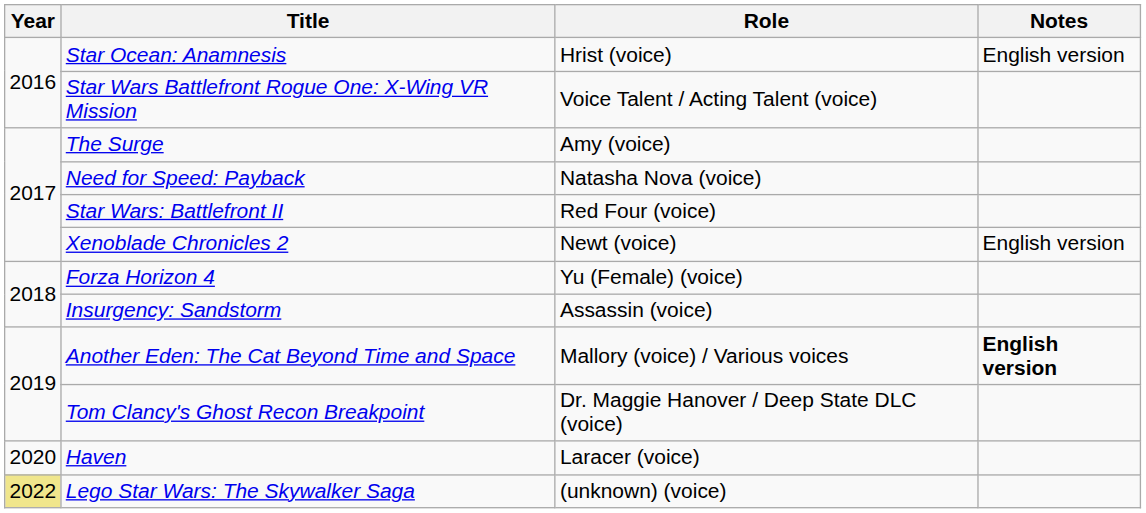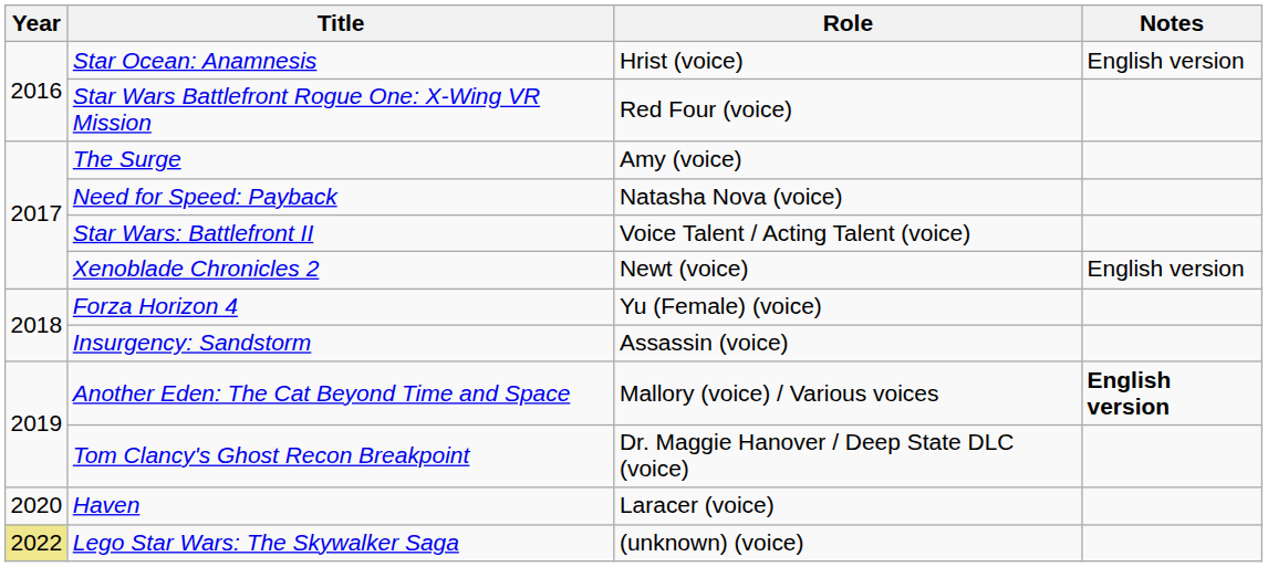 <table class="wikitable">
 <tr>
 <th>Year</th>
 <th>Title</th>
 <th>Role</th>
 <th>Notes</th>
 </tr>
 <tr>
 <td rowspan="2">2016</td>
 <td><em><a href='#'>Star Ocean: Anamnesis</a></em></td>
 <td>Hrist (voice)</td>
 <td>English version</td>
 </tr>
 <tr>
 <td><em><a href='#'>Star Wars Battlefront Rogue One: X-Wing VR Mission</a></em></td>
-<td>Voice Talent / Acting Talent (voice)</td>
+<td>Red Four (voice)</td>
 <td></td>
 </tr>
 <tr>
 <td rowspan="4">2017</td>
 <td><em><a href='#'>The Surge</a></em></td>
 <td>Amy (voice)</td>
 <td></td>
 </tr>
 <tr>
 <td><em><a href='#'>Need for Speed: Payback</a></em></td>
 <td>Natasha Nova (voice)</td>
 <td></td>
 </tr>
 <tr>
 <td><em><a href='#'>Star Wars: Battlefront II</a></em></td>
-<td>Red Four (voice)</td>
+<td>Voice Talent / Acting Talent (voice)</td>
 <td></td>
 </tr>
 <tr>
 <td><em><a href='#'>Xenoblade Chronicles 2</a></em></td>
 <td>Newt (voice)</td>
 <td>English version</td>
 </tr>
 <tr>
 <td rowspan="2">2018</td>
 <td><em><a href='#'>Forza Horizon 4</a></em></td>
 <td>Yu (Female) (voice)</td>
 <td></td>
 </tr>
 <tr>
 <td><em><a href='#'>Insurgency: Sandstorm</a></em></td>
 <td>Assassin (voice)</td>
 <td></td>
 </tr>
 <tr>
 <td rowspan="2">2019</td>
 <td><em><a href='#'>Another Eden: The Cat Beyond Time and Space</a></em></td>
 <td>Mallory (voice) / Various voices</td>
 <td><strong>English version</strong></td>
 </tr>
 <tr>
 <td><em><a href='#'>Tom Clancy's Ghost Recon Breakpoint</a></em></td>
 <td>Dr. Maggie Hanover / Deep State DLC (voice)</td>
 <td></td>
 </tr>
 <tr>
 <td>2020</td>
 <td><em><a href='#'>Haven</a></em></td>
 <td>Laracer (voice)</td>
 <td></td>
 </tr>
 <tr>
 <td style="background: khaki;">2022</td>
 <td><em><a href='#'>Lego Star Wars: The Skywalker Saga</a></em></td>
 <td>(unknown) (voice)</td>
 <td></td>
 </tr>
 </table>
